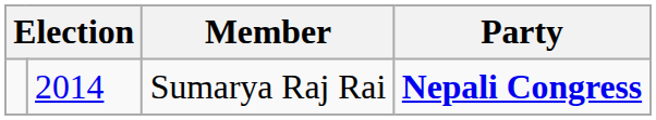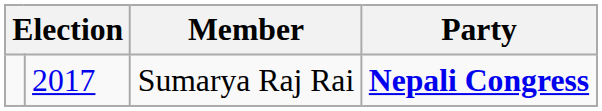 <table class="wikitable">
 <tr>
 <th colspan="2">Election</th>
 <th>Member</th>
 <th>Party</th>
 </tr>
 <tr>
 <td style="background-color:"></td>
-<td><a href='#'>2014</a></td>
+<td><a href='#'>2017</a></td>
 <td>Sumarya Raj Rai</td>
 <td><strong><a href='#'>Nepali Congress</a></strong></td>
 </tr>
 </table>
